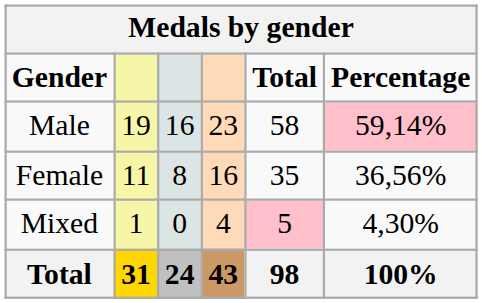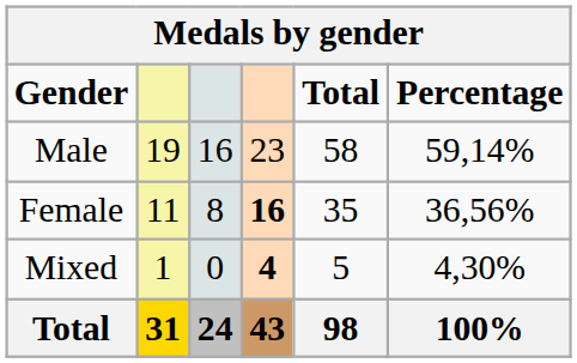 <table class="wikitable" style="font-size:85%; float:right">
 <tr style="background:#efefef;">
 <th colspan=6>Medals by gender</th>
 </tr>
 <tr align=center>
 <td><strong>Gender</strong></td>
 <td style="background:#f7f6a8;"></td>
 <td style="background:#dce5e5;"></td>
 <td style="background:#ffdab9;"></td>
 <td><strong>Total</strong></td>
 <td><strong>Percentage</strong></td>
 </tr>
 <tr align=center>
 <td>Male</td>
 <td style="background:#F7F6A8;">19</td>
 <td style="background:#DCE5E5;">16</td>
 <td style="background:#FFDAB9;">23</td>
 <td>58</td>
-<td style="background: pink;">59,14%</td>
+<td>59,14%</td>
 </tr>
 <tr align=center>
 <td>Female</td>
 <td style="background:#F7F6A8;">11</td>
 <td style="background:#DCE5E5;">8</td>
-<td style="background:#FFDAB9;">16</td>
+<td style="background:#FFDAB9;"><strong>16</strong></td>
 <td>35</td>
 <td>36,56%</td>
 </tr>
 <tr align=center>
 <td>Mixed</td>
 <td style="background:#F7F6A8;">1</td>
 <td style="background:#DCE5E5;">0</td>
-<td style="background:#FFDAB9;">4</td>
-<td style="background: pink;">5</td>
+<td style="background:#FFDAB9;"><strong>4</strong></td>
+<td>5</td>
 <td>4,30%</td>
 </tr>
 <tr align=center>
 <th>Total</th>
 <th style="background:gold;">31</th>
 <th style="background:silver;">24</th>
 <th style="background:#c96;">43</th>
 <th>98</th>
 <th>100%</th>
 </tr>
 </table>
